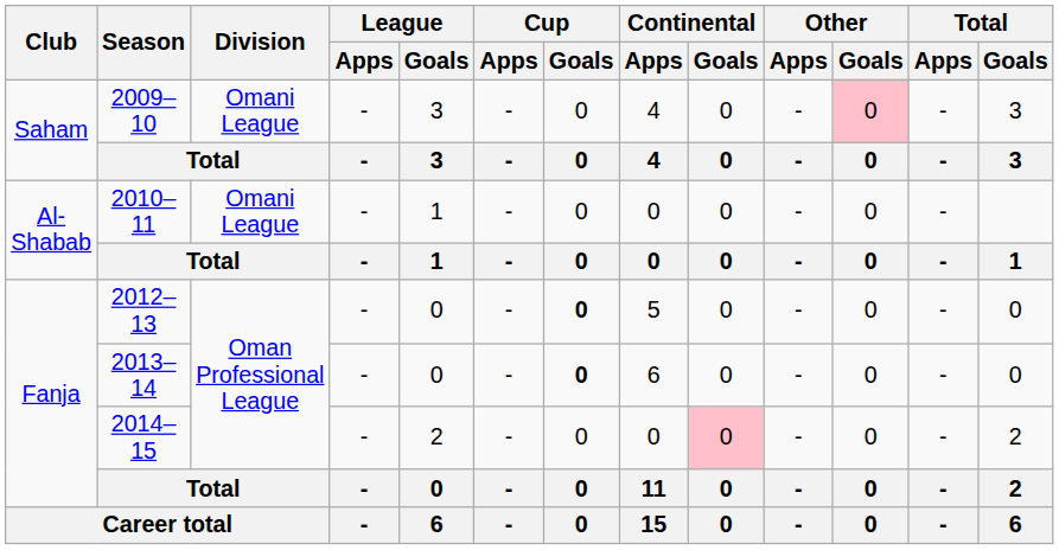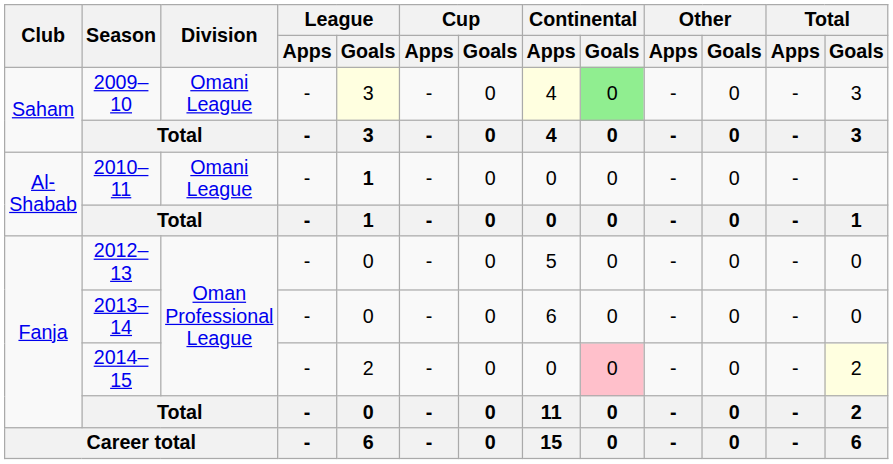 <table class="wikitable" style="text-align: center;">
 <tr>
 <th rowspan="2">Club</th>
 <th rowspan="2">Season</th>
 <th rowspan="2">Division</th>
 <th colspan="2">League</th>
 <th colspan="2">Cup</th>
 <th colspan="2">Continental</th>
 <th colspan="2">Other</th>
 <th colspan="2">Total</th>
 </tr>
 <tr>
 <th>Apps</th>
 <th>Goals</th>
 <th>Apps</th>
 <th>Goals</th>
 <th>Apps</th>
 <th>Goals</th>
 <th>Apps</th>
 <th>Goals</th>
 <th>Apps</th>
 <th>Goals</th>
 </tr>
 <tr>
 <td rowspan="2"><a href='#'>Saham</a></td>
 <td><a href='#'>2009–10</a></td>
 <td rowspan="1"><a href='#'>Omani League</a></td>
 <td>-</td>
-<td>3</td>
+<td style="background: lightyellow;">3</td>
 <td>-</td>
 <td>0</td>
-<td>4</td>
+<td style="background: lightyellow;">4</td>
+<td style="background: lightgreen;">0</td>
+<td>-</td>
 <td>0</td>
-<td>-</td>
-<td style="background: pink;">0</td>
 <td>-</td>
 <td>3</td>
 </tr>
 <tr>
 <th colspan="2">Total</th>
 <th>-</th>
 <th>3</th>
 <th>-</th>
 <th>0</th>
 <th>4</th>
 <th>0</th>
 <th>-</th>
 <th>0</th>
 <th>-</th>
 <th>3</th>
 </tr>
 <tr>
 <td rowspan="2"><a href='#'>Al-Shabab</a></td>
 <td><a href='#'>2010–11</a></td>
 <td rowspan="1"><a href='#'>Omani League</a></td>
 <td>-</td>
-<td>1</td>
+<td><strong>1</strong></td>
 <td>-</td>
 <td>0</td>
 <td>0</td>
 <td>0</td>
 <td>-</td>
 <td>0</td>
 <td>-</td>
 <td></td>
 </tr>
 <tr>
 <th colspan="2">Total</th>
 <th>-</th>
 <th>1</th>
 <th>-</th>
 <th>0</th>
 <th>0</th>
 <th>0</th>
 <th>-</th>
 <th>0</th>
 <th>-</th>
 <th>1</th>
 </tr>
 <tr>
 <td rowspan="4"><a href='#'>Fanja</a></td>
 <td><a href='#'>2012–13</a></td>
 <td rowspan="3"><a href='#'>Oman Professional League</a></td>
 <td>-</td>
 <td>0</td>
 <td>-</td>
-<td><strong>0</strong></td>
+<td>0</td>
 <td>5</td>
 <td>0</td>
 <td>-</td>
 <td>0</td>
 <td>-</td>
 <td>0</td>
 </tr>
 <tr>
 <td><a href='#'>2013–14</a></td>
 <td>-</td>
 <td>0</td>
 <td>-</td>
-<td><strong>0</strong></td>
+<td>0</td>
 <td>6</td>
 <td>0</td>
 <td>-</td>
 <td>0</td>
 <td>-</td>
 <td>0</td>
 </tr>
 <tr>
 <td><a href='#'>2014–15</a></td>
 <td>-</td>
 <td>2</td>
 <td>-</td>
 <td>0</td>
 <td>0</td>
 <td style="background: pink;">0</td>
 <td>-</td>
 <td>0</td>
 <td>-</td>
-<td>2</td>
+<td style="background: lightyellow;">2</td>
 </tr>
 <tr>
 <th colspan="2">Total</th>
 <th>-</th>
 <th>0</th>
 <th>-</th>
 <th>0</th>
 <th>11</th>
 <th>0</th>
 <th>-</th>
 <th>0</th>
 <th>-</th>
 <th>2</th>
 </tr>
 <tr>
 <th colspan="3">Career total</th>
 <th>-</th>
 <th>6</th>
 <th>-</th>
 <th>0</th>
 <th>15</th>
 <th>0</th>
 <th>-</th>
 <th>0</th>
 <th>-</th>
 <th>6</th>
 </tr>
 </table>
